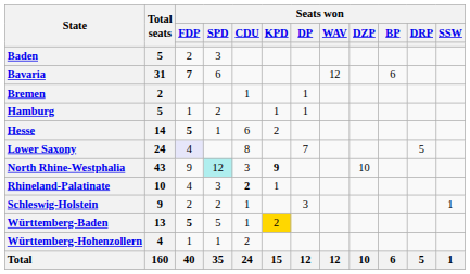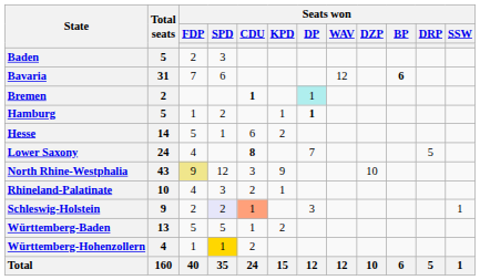 <table class="wikitable" style="text-align:center; font-size: 0.9em;">
 <tr>
 <th rowspan="3">State</th>
 <th rowspan="3">Total<br>seats</th>
 <th colspan="10">Seats won</th>
 </tr>
 <tr>
 <th class="unsortable" style="width:30px;"><a href='#'>FDP</a></th>
 <th class="unsortable" style="width:30px;"><a href='#'>SPD</a></th>
 <th class="unsortable" style="width:30px;"><a href='#'>CDU</a></th>
 <th class="unsortable" style="width:30px;"><a href='#'>KPD</a></th>
 <th class="unsortable" style="width:30px;"><a href='#'>DP</a></th>
 <th class="unsortable" style="width:30px;"><a href='#'>WAV</a></th>
 <th class="unsortable" style="width:30px;"><a href='#'>DZP</a></th>
 <th class="unsortable" style="width:30px;"><a href='#'>BP</a></th>
 <th class="unsortable" style="width:30px;"><a href='#'>DRP</a></th>
 <th class="unsortable" style="width:30px;"><a href='#'>SSW</a></th>
 </tr>
 <tr>
 <th style="background:"></th>
 <th style="background:"></th>
 <th style="background:"></th>
 <th style="background:"></th>
 <th style="background:"></th>
 <th style="background:"></th>
 <th style="background:"></th>
 <th style="background:"></th>
 <th style="background:"></th>
 <th style="background:"></th>
 </tr>
 <tr>
 <th style="text-align: left;"><a href='#'>Baden</a></th>
 <th>5</th>
 <td>2</td>
 <td>3</td>
 <td></td>
 <td></td>
 <td></td>
 <td></td>
 <td></td>
 <td></td>
 <td></td>
 <td></td>
 </tr>
 <tr>
 <th style="text-align: left;"><a href='#'>Bavaria</a></th>
 <th>31</th>
-<td><strong>7</strong></td>
+<td>7</td>
 <td>6</td>
 <td></td>
 <td></td>
 <td></td>
 <td>12</td>
 <td></td>
-<td>6</td>
+<td><strong>6</strong></td>
 <td></td>
 <td></td>
 </tr>
 <tr>
 <th style="text-align: left;"><a href='#'>Bremen</a></th>
 <th>2</th>
 <td></td>
 <td></td>
-<td>1</td>
+<td><strong>1</strong></td>
 <td></td>
-<td>1</td>
+<td style="background: paleturquoise;">1</td>
 <td></td>
 <td></td>
 <td></td>
 <td></td>
 <td></td>
 </tr>
 <tr>
 <th style="text-align: left;"><a href='#'>Hamburg</a></th>
 <th>5</th>
 <td>1</td>
 <td>2</td>
 <td></td>
 <td>1</td>
-<td>1</td>
+<td><strong>1</strong></td>
 <td></td>
 <td></td>
 <td></td>
 <td></td>
 <td></td>
 </tr>
 <tr>
 <th style="text-align: left;"><a href='#'>Hesse</a></th>
 <th>14</th>
-<td><strong>5</strong></td>
+<td>5</td>
 <td>1</td>
 <td>6</td>
 <td>2</td>
 <td></td>
 <td></td>
 <td></td>
 <td></td>
 <td></td>
 <td></td>
 </tr>
 <tr>
 <th style="text-align: left;"><a href='#'>Lower Saxony</a></th>
 <th>24</th>
-<td style="background: lavender;">4</td>
+<td>4</td>
 <td></td>
-<td>8</td>
+<td><strong>8</strong></td>
 <td></td>
 <td>7</td>
 <td></td>
 <td></td>
 <td></td>
 <td>5</td>
 <td></td>
 </tr>
 <tr>
 <th style="text-align: left;"><a href='#'>North Rhine-Westphalia</a></th>
 <th>43</th>
+<td style="background: khaki;">9</td>
+<td>12</td>
+<td>3</td>
 <td>9</td>
-<td style="background: paleturquoise;">12</td>
-<td>3</td>
-<td><strong>9</strong></td>
 <td></td>
 <td></td>
 <td>10</td>
 <td></td>
 <td></td>
 <td></td>
 </tr>
 <tr>
 <th style="text-align: left;"><a href='#'>Rhineland-Palatinate</a></th>
 <th>10</th>
 <td>4</td>
 <td>3</td>
-<td><strong>2</strong></td>
+<td>2</td>
 <td>1</td>
 <td></td>
 <td></td>
 <td></td>
 <td></td>
 <td></td>
 <td></td>
 </tr>
 <tr>
 <th style="text-align: left;"><a href='#'>Schleswig-Holstein</a></th>
 <th>9</th>
 <td>2</td>
-<td>2</td>
-<td>1</td>
+<td style="background: lavender;">2</td>
+<td style="background: lightsalmon;">1</td>
 <td></td>
 <td>3</td>
 <td></td>
 <td></td>
 <td></td>
 <td></td>
 <td>1</td>
 </tr>
 <tr>
 <th style="text-align: left;"><a href='#'>Württemberg-Baden</a></th>
 <th>13</th>
-<td><strong>5</strong></td>
+<td>5</td>
 <td>5</td>
 <td>1</td>
-<td style="background: gold;">2</td>
+<td>2</td>
 <td></td>
 <td></td>
 <td></td>
 <td></td>
 <td></td>
 <td></td>
 </tr>
 <tr>
 <th style="text-align: left;"><a href='#'>Württemberg-Hohenzollern</a></th>
 <th>4</th>
 <td>1</td>
-<td>1</td>
+<td style="background: gold;">1</td>
 <td>2</td>
 <td></td>
 <td></td>
 <td></td>
 <td></td>
 <td></td>
 <td></td>
 <td></td>
 </tr>
 <tr class="sortbottom">
 <th style="text-align: left;">Total</th>
 <th>160</th>
 <th>40</th>
 <th>35</th>
 <th>24</th>
 <th>15</th>
 <th>12</th>
 <th>12</th>
 <th>10</th>
 <th>6</th>
 <th>5</th>
 <th>1</th>
 </tr>
 </table>
